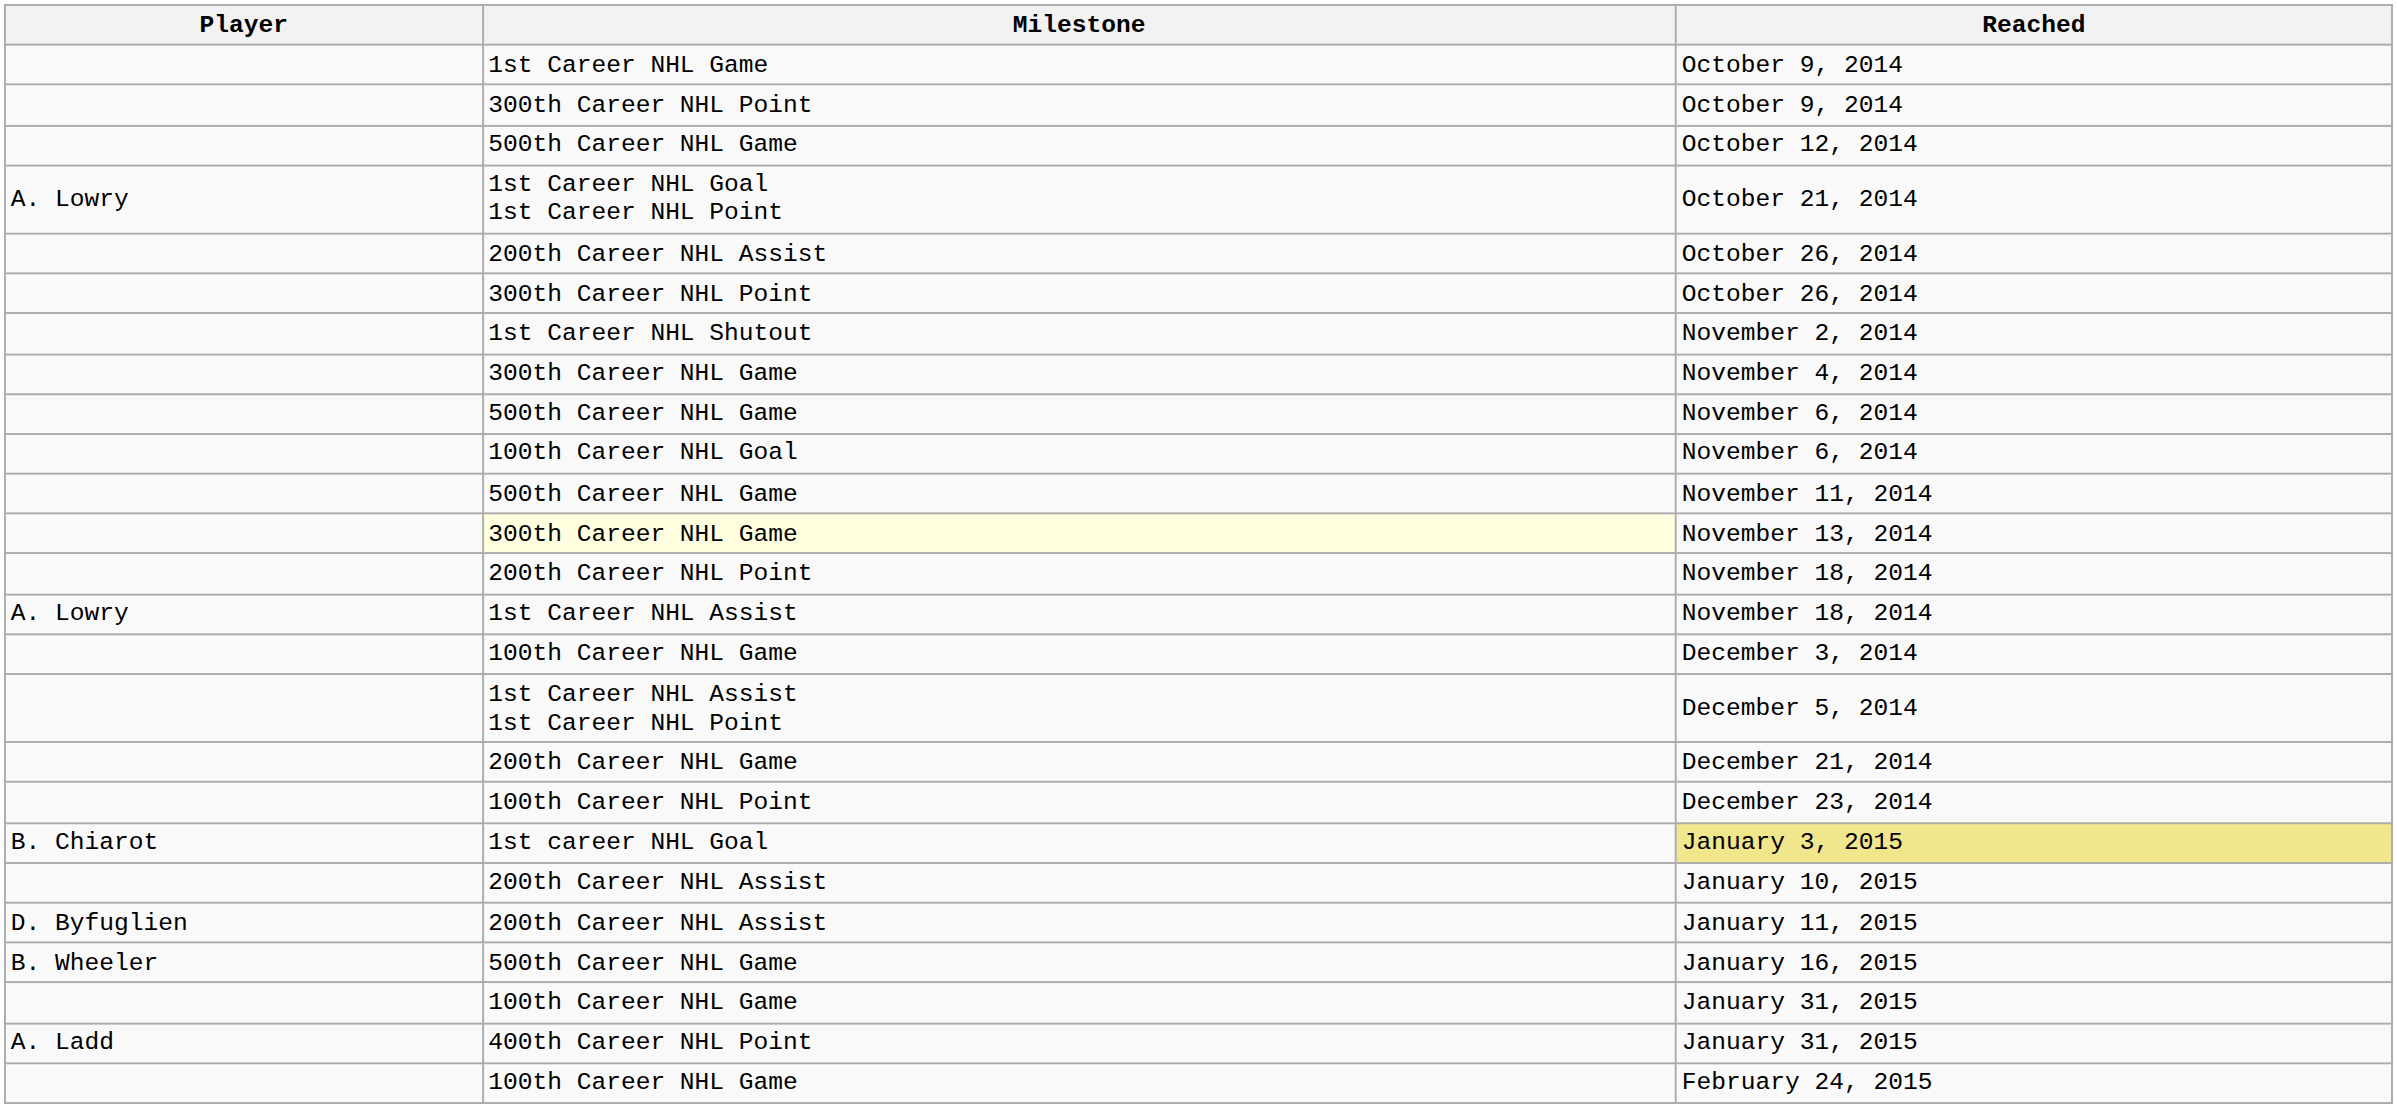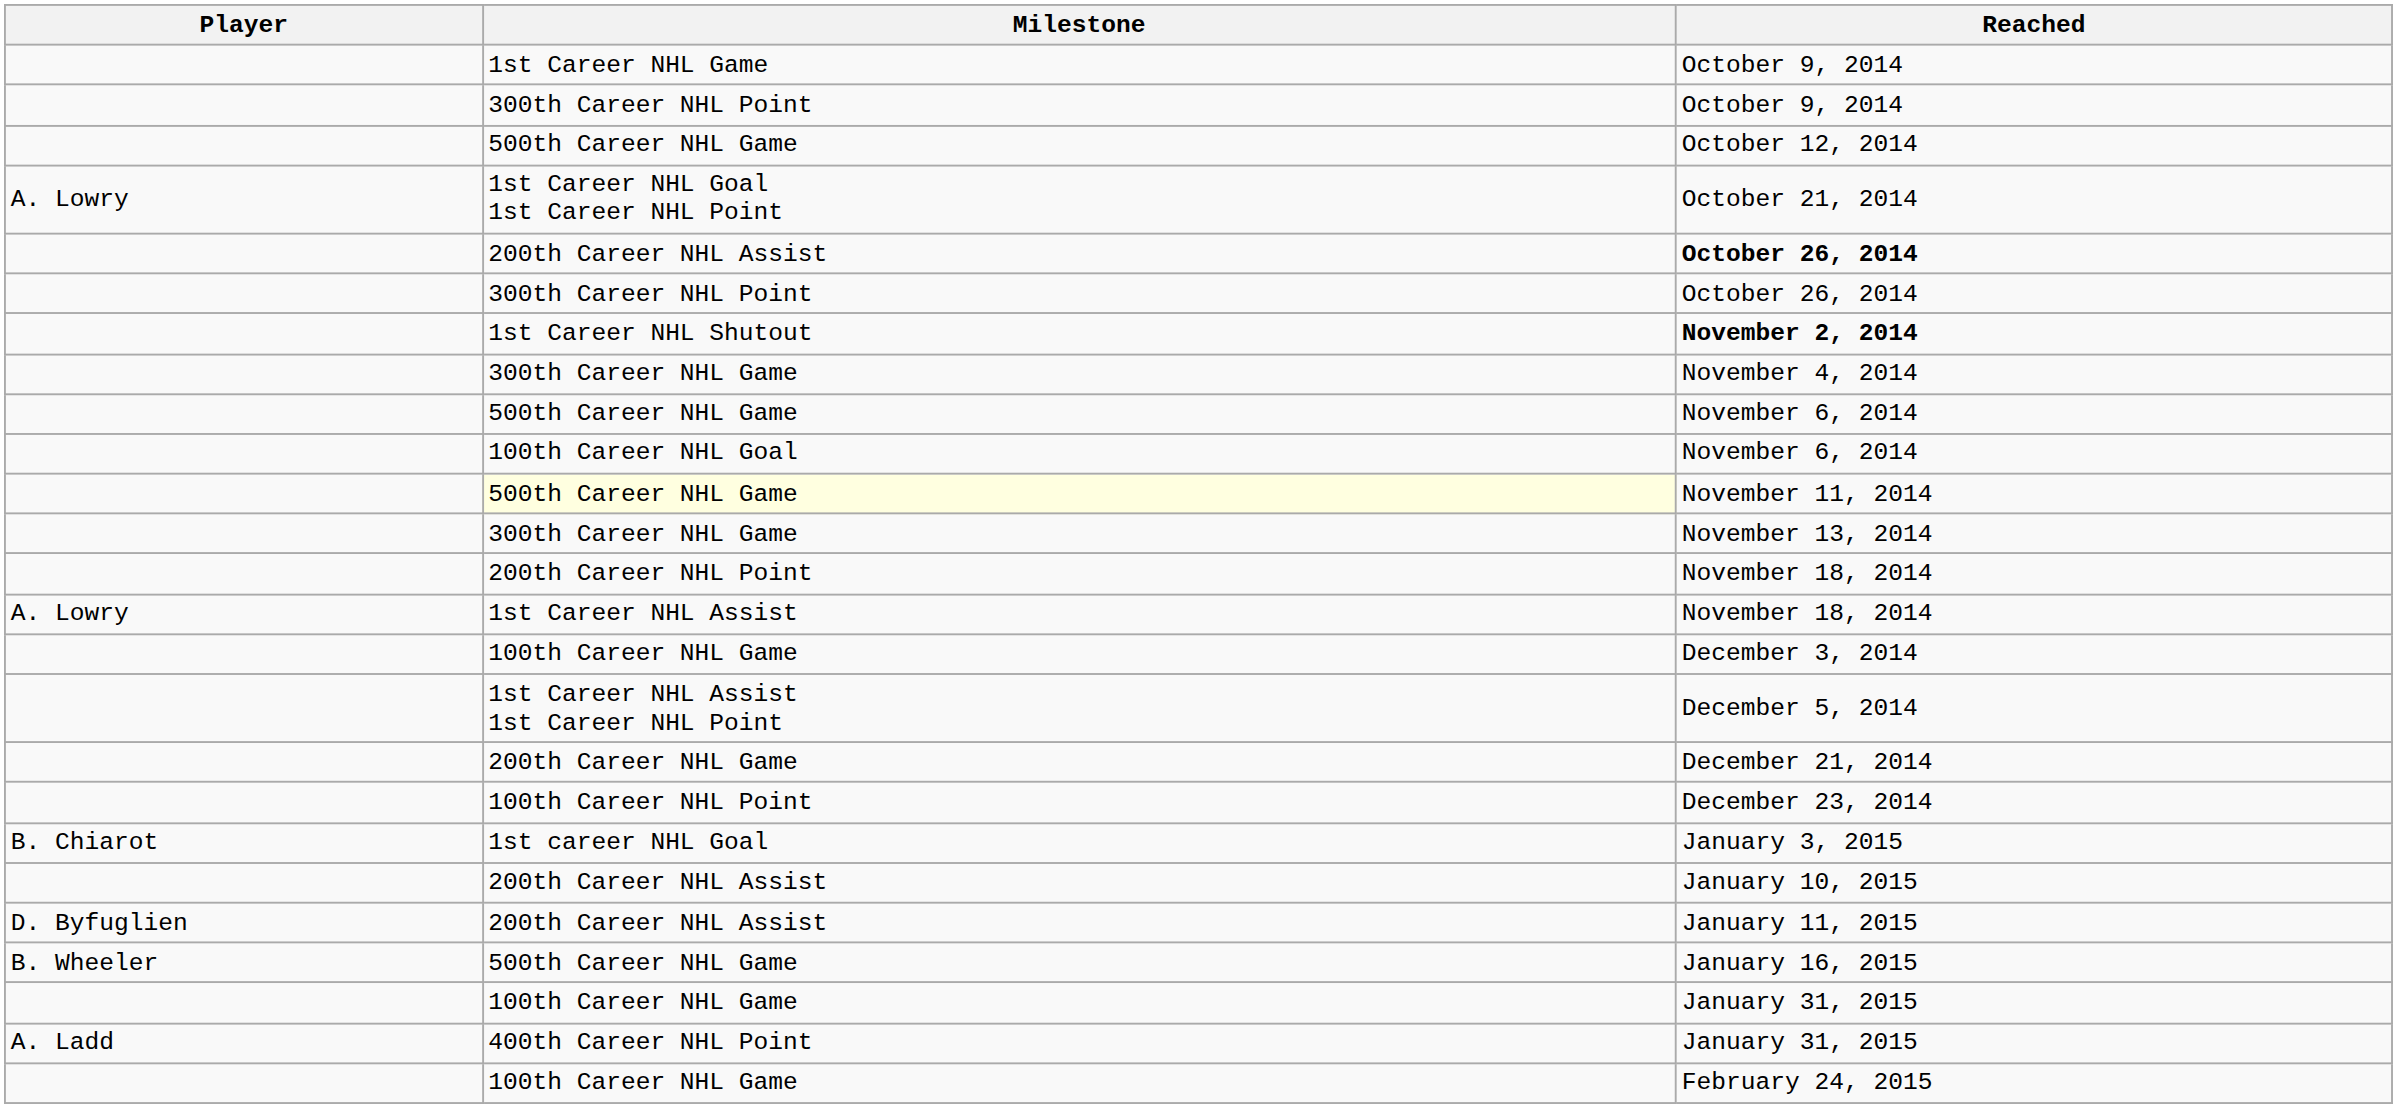 <table class="wikitable sortable" style="width:100%;">
 <tr align=center>
 <th style="width:20%;">Player</th>
 <th style="width:50%;">Milestone</th>
 <th style="width:30%;" data-sort-type="date">Reached</th>
 </tr>
 <tr>
 <td></td>
 <td>1st Career NHL Game</td>
 <td>October 9, 2014</td>
 </tr>
 <tr>
 <td></td>
 <td>300th Career NHL Point</td>
 <td>October 9, 2014</td>
 </tr>
 <tr>
 <td></td>
 <td>500th Career NHL Game</td>
 <td>October 12, 2014</td>
 </tr>
 <tr>
 <td>A. Lowry</td>
 <td>1st Career NHL Goal<br>1st Career NHL Point</td>
 <td>October 21, 2014</td>
 </tr>
 <tr>
 <td></td>
 <td>200th Career NHL Assist</td>
-<td>October 26, 2014</td>
+<td><strong>October 26, 2014</strong></td>
 </tr>
 <tr>
 <td></td>
 <td>300th Career NHL Point</td>
 <td>October 26, 2014</td>
 </tr>
 <tr>
 <td></td>
 <td>1st Career NHL Shutout</td>
-<td>November 2, 2014</td>
+<td><strong>November 2, 2014</strong></td>
 </tr>
 <tr>
 <td></td>
 <td>300th Career NHL Game</td>
 <td>November 4, 2014</td>
 </tr>
 <tr>
 <td></td>
 <td>500th Career NHL Game</td>
 <td>November 6, 2014</td>
 </tr>
 <tr>
 <td></td>
 <td>100th Career NHL Goal</td>
 <td>November 6, 2014</td>
 </tr>
 <tr>
 <td></td>
-<td>500th Career NHL Game</td>
+<td style="background: lightyellow;">500th Career NHL Game</td>
 <td>November 11, 2014</td>
 </tr>
 <tr>
 <td></td>
-<td style="background: lightyellow;">300th Career NHL Game</td>
+<td>300th Career NHL Game</td>
 <td>November 13, 2014</td>
 </tr>
 <tr>
 <td></td>
 <td>200th Career NHL Point</td>
 <td>November 18, 2014</td>
 </tr>
 <tr>
 <td>A. Lowry</td>
 <td>1st Career NHL Assist</td>
 <td>November 18, 2014</td>
 </tr>
 <tr>
 <td></td>
 <td>100th Career NHL Game</td>
 <td>December 3, 2014</td>
 </tr>
 <tr>
 <td></td>
 <td>1st Career NHL Assist<br>1st Career NHL Point</td>
 <td>December 5, 2014</td>
 </tr>
 <tr>
 <td></td>
 <td>200th Career NHL Game</td>
 <td>December 21, 2014</td>
 </tr>
 <tr>
 <td></td>
 <td>100th Career NHL Point</td>
 <td>December 23, 2014</td>
 </tr>
 <tr>
 <td>B. Chiarot</td>
 <td>1st career NHL Goal</td>
-<td style="background: khaki;">January 3, 2015</td>
+<td>January 3, 2015</td>
 </tr>
 <tr>
 <td></td>
 <td>200th Career NHL Assist</td>
 <td>January 10, 2015</td>
 </tr>
 <tr>
 <td>D. Byfuglien</td>
 <td>200th Career NHL Assist</td>
 <td>January 11, 2015</td>
 </tr>
 <tr>
 <td>B. Wheeler</td>
 <td>500th Career NHL Game</td>
 <td>January 16, 2015</td>
 </tr>
 <tr>
 <td></td>
 <td>100th Career NHL Game</td>
 <td>January 31, 2015</td>
 </tr>
 <tr>
 <td>A. Ladd</td>
 <td>400th Career NHL Point</td>
 <td>January 31, 2015</td>
 </tr>
 <tr>
 <td></td>
 <td>100th Career NHL Game</td>
 <td>February 24, 2015</td>
 </tr>
 </table>
